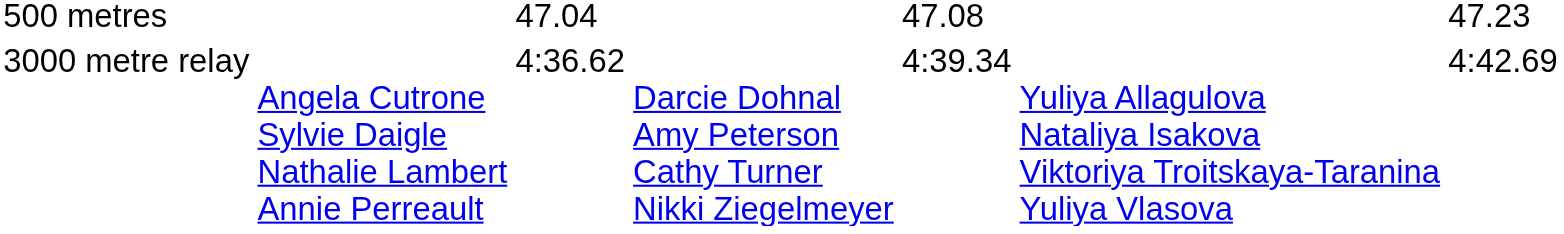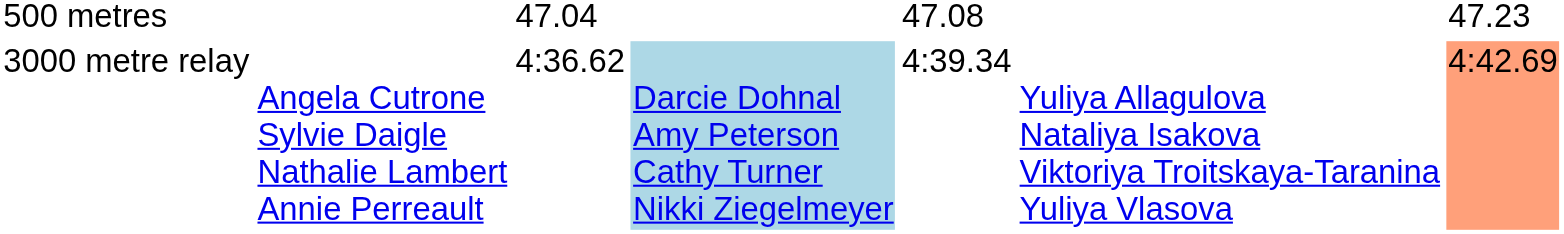 <table>
 <tr>
 <td>500 metres <br> </td>
 <td></td>
 <td>47.04</td>
 <td></td>
 <td>47.08</td>
 <td></td>
 <td>47.23</td>
 </tr>
 <tr valign="top">
 <td>3000 metre relay <br> </td>
 <td> <br> <a href='#'>Angela Cutrone</a> <br> <a href='#'>Sylvie Daigle</a> <br> <a href='#'>Nathalie Lambert</a> <br> <a href='#'>Annie Perreault</a></td>
 <td>4:36.62</td>
-<td> <br> <a href='#'>Darcie Dohnal</a> <br> <a href='#'>Amy Peterson</a> <br> <a href='#'>Cathy Turner</a> <br> <a href='#'>Nikki Ziegelmeyer</a></td>
+<td style="background: lightblue;"> <br> <a href='#'>Darcie Dohnal</a> <br> <a href='#'>Amy Peterson</a> <br> <a href='#'>Cathy Turner</a> <br> <a href='#'>Nikki Ziegelmeyer</a></td>
 <td>4:39.34</td>
 <td> <br> <a href='#'>Yuliya Allagulova</a> <br> <a href='#'>Nataliya Isakova</a> <br> <a href='#'>Viktoriya Troitskaya-Taranina</a> <br> <a href='#'>Yuliya Vlasova</a></td>
-<td>4:42.69</td>
+<td style="background: lightsalmon;">4:42.69</td>
 </tr>
 </table>
